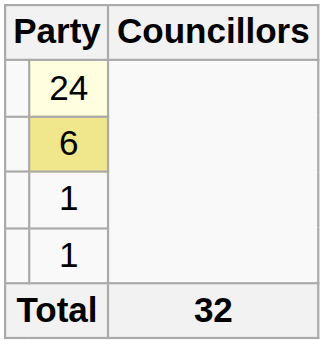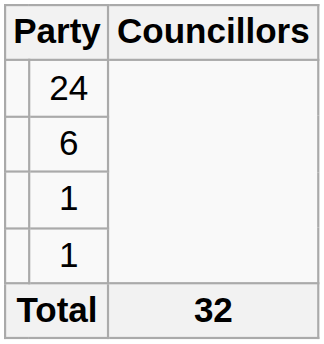 <table class="wikitable">
 <tr>
 <th colspan=2>Party</th>
 <th>Councillors</th>
 </tr>
 <tr>
 <td></td>
-<td align=center style="background: lightyellow;">24</td>
+<td align=center>24</td>
 </tr>
 <tr>
 <td></td>
-<td align=center style="background: khaki;">6</td>
+<td align=center>6</td>
 </tr>
 <tr>
 <td></td>
 <td align=center>1</td>
 </tr>
 <tr>
 <td></td>
 <td align=center>1</td>
 </tr>
 <tr>
 <th colspan="2">Total</th>
 <th align="center">32</th>
 </tr>
 </table>
